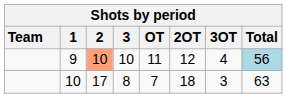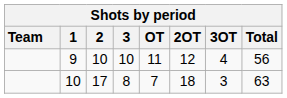 <table class="wikitable" style="width:20em; text-align:right;">
 <tr>
 <th colspan="8">Shots by period</th>
 </tr>
 <tr>
 <th style="width:8em; text-align:left;">Team</th>
 <th style="width:3em;">1</th>
 <th style="width:3em;">2</th>
 <th style="width:3em;">3</th>
 <th style="width:3em;">OT</th>
 <th style="width:3em;">2OT</th>
 <th style="width:3em;">3OT</th>
 <th style="width:3em;">Total</th>
 </tr>
 <tr>
 <td style="text-align:left;"></td>
 <td style="text-align:center;">9</td>
-<td style="background: lightsalmon; text-align:center;">10</td>
+<td style="text-align:center;">10</td>
 <td style="text-align:center;">10</td>
 <td style="text-align:center;">11</td>
 <td style="text-align:center;">12</td>
 <td style="text-align:center;">4</td>
-<td style="background: lightblue; text-align:center;">56</td>
+<td style="text-align:center;">56</td>
 </tr>
 <tr>
 <td style="text-align:left;"></td>
 <td style="text-align:center;">10</td>
 <td style="text-align:center;">17</td>
 <td style="text-align:center;">8</td>
 <td style="text-align:center;">7</td>
 <td style="text-align:center;">18</td>
 <td style="text-align:center;">3</td>
 <td style="text-align:center;">63</td>
 </tr>
 </table>
